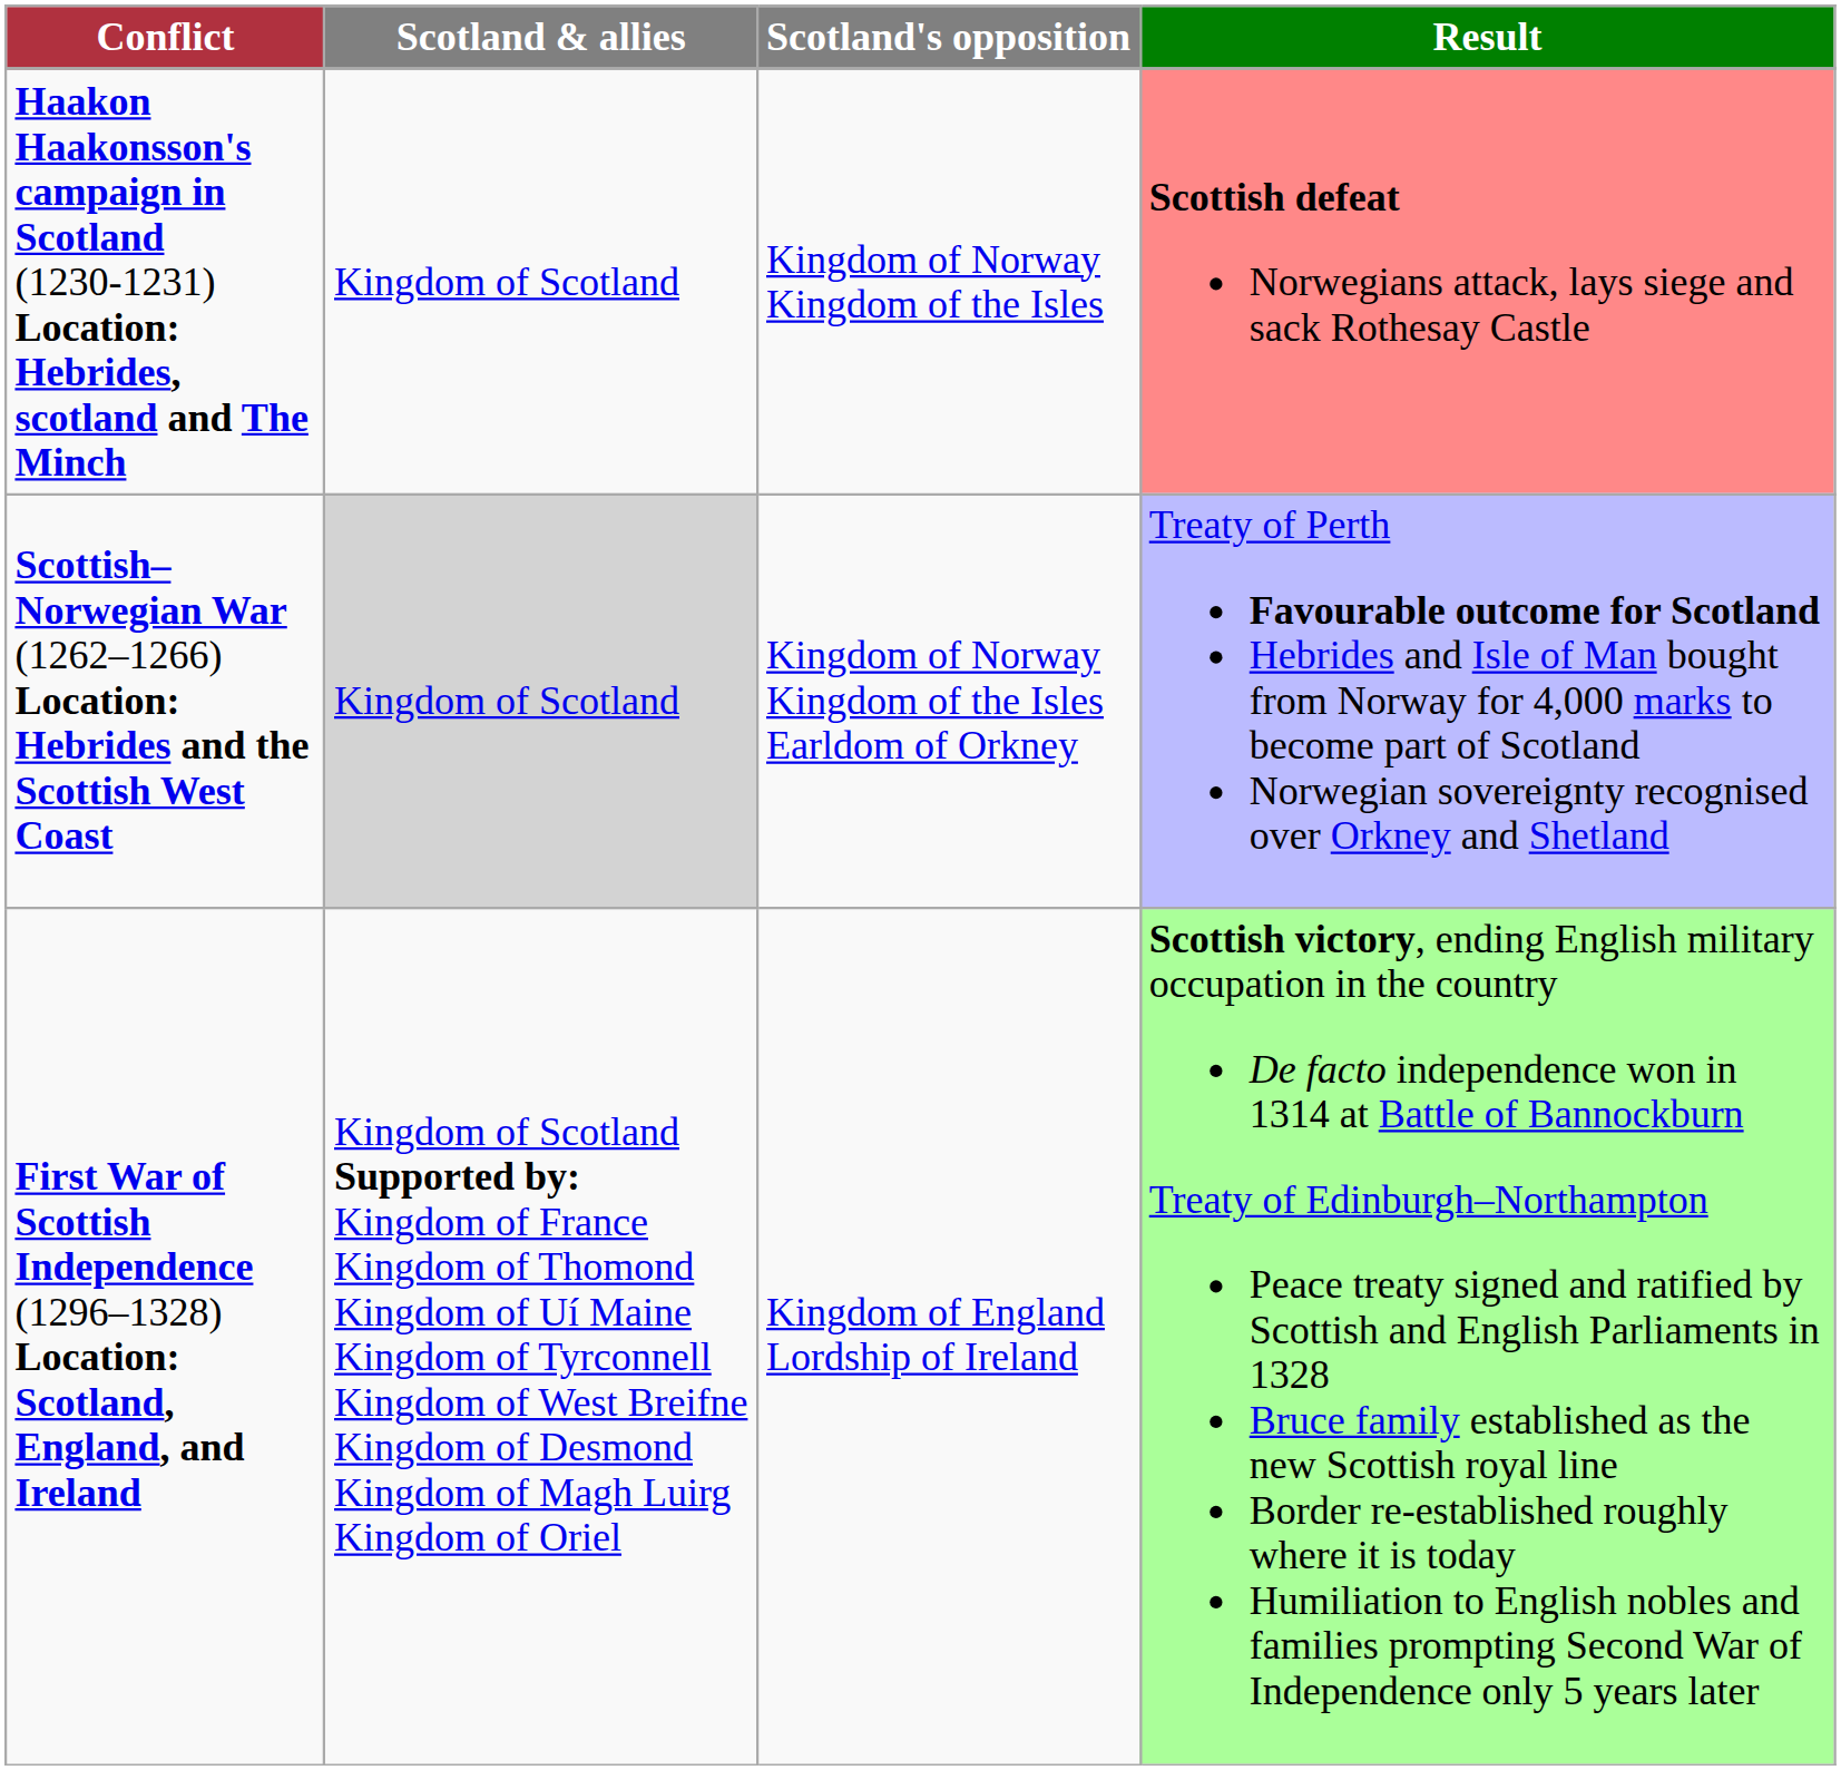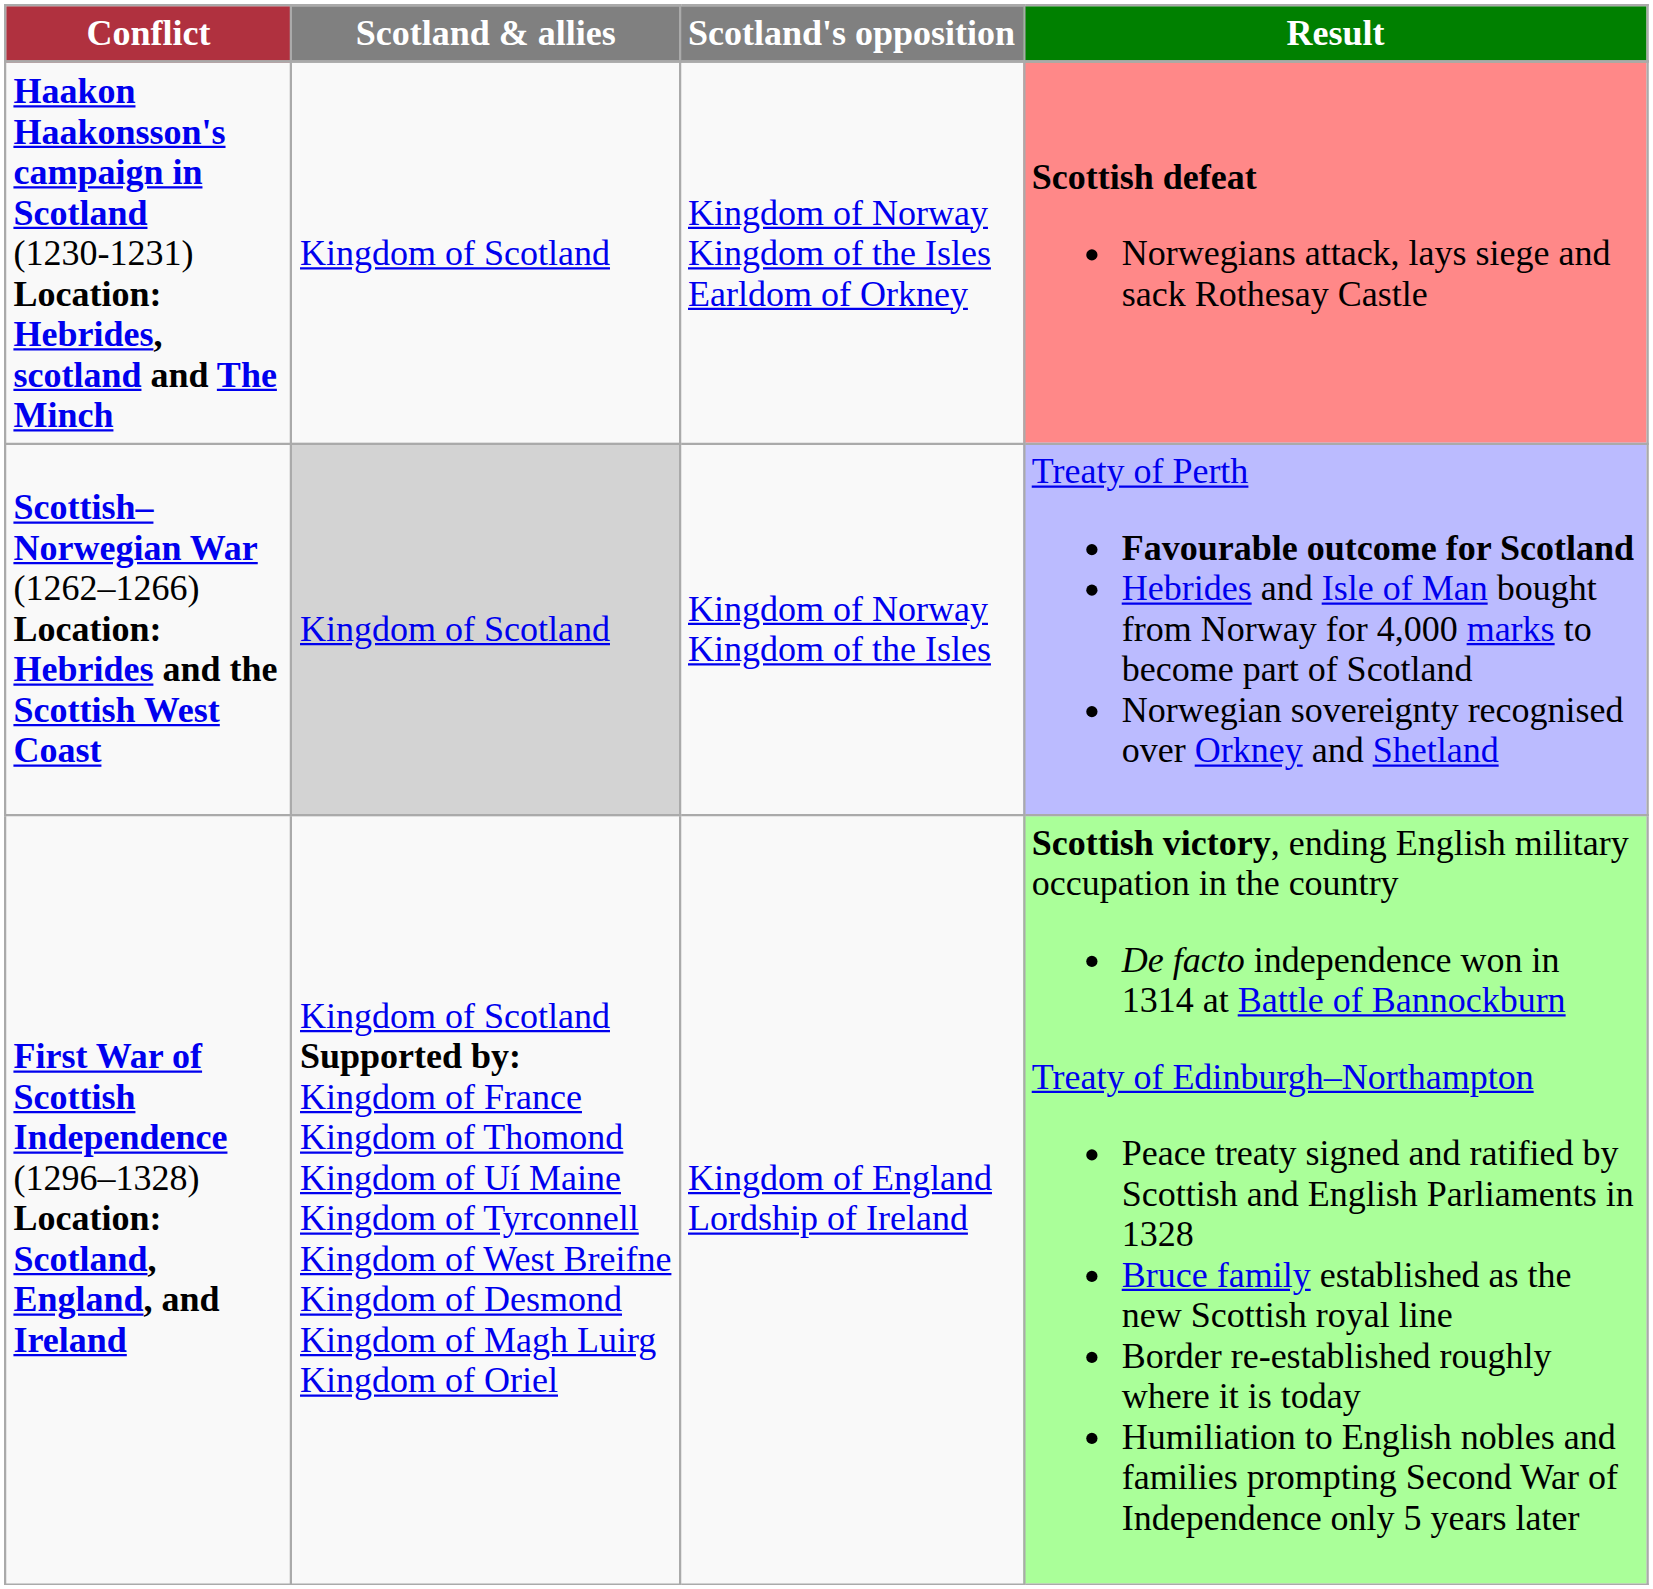 <table class="wikitable">
 <tr>
 <th style="color: white; background:#b0313f; width:120px;">Conflict</th>
 <th style="color: white; background:gray;">Scotland & allies</th>
 <th style="color: white; background:gray;">Scotland's opposition</th>
 <th style="color: white; background:green; width:270px;">Result</th>
 </tr>
 <tr>
 </tr>
 <tr>
 <td><strong><a href='#'>Haakon Haakonsson's campaign in Scotland</a></strong><br>(1230-1231)<br><strong>Location: <a href='#'>Hebrides</a>, <a href='#'>scotland</a> and <a href='#'>The Minch</a></strong></td>
 <td> <a href='#'>Kingdom of Scotland</a></td>
-<td> <a href='#'>Kingdom of Norway</a><br><a href='#'>Kingdom of the Isles</a></td>
+<td> <a href='#'>Kingdom of Norway</a><br><a href='#'>Kingdom of the Isles</a><br> <a href='#'>Earldom of Orkney</a></td>
 <td style="Background:#F88"><strong>Scottish defeat</strong><br><ul><li>Norwegians attack, lays siege and sack Rothesay Castle</li></ul></td>
 </tr>
 <tr>
 <td><strong><a href='#'>Scottish–Norwegian War</a></strong><br>(1262–1266)<br><strong>Location: <a href='#'>Hebrides</a> and the <a href='#'>Scottish West Coast</a></strong> </td>
 <td style="background: lightgrey;"> <a href='#'>Kingdom of Scotland</a></td>
-<td> <a href='#'>Kingdom of Norway</a><br><a href='#'>Kingdom of the Isles</a><br> <a href='#'>Earldom of Orkney</a></td>
+<td> <a href='#'>Kingdom of Norway</a><br><a href='#'>Kingdom of the Isles</a></td>
 <td style="Background:#BBF"><a href='#'>Treaty of Perth</a><br><ul><li><strong>Favourable outcome for Scotland</strong></li><li><a href='#'>Hebrides</a> and <a href='#'>Isle of Man</a> bought from Norway for 4,000 <a href='#'>marks</a> to become part of Scotland</li><li>Norwegian sovereignty recognised over <a href='#'>Orkney</a> and <a href='#'>Shetland</a></li></ul></td>
 </tr>
 <tr>
 <td><strong><a href='#'>First War of Scottish Independence</a></strong><br>(1296–1328)<br><strong>Location: <a href='#'>Scotland</a>, <a href='#'>England</a>, and <a href='#'>Ireland</a></strong></td>
 <td> <a href='#'>Kingdom of Scotland</a><br><strong>Supported by:</strong><br> <a href='#'>Kingdom of France</a><br> <a href='#'>Kingdom of Thomond</a><br> <a href='#'>Kingdom of Uí Maine</a><br> <a href='#'>Kingdom of Tyrconnell</a><br> <a href='#'>Kingdom of West Breifne</a><br> <a href='#'>Kingdom of Desmond</a><br><a href='#'>Kingdom of Magh Luirg</a><br><a href='#'>Kingdom of Oriel</a></td>
 <td> <a href='#'>Kingdom of England</a><br> <a href='#'>Lordship of Ireland</a></td>
 <td style="Background:#AF9"><strong>Scottish victory</strong>, ending English military occupation in the country<br><ul><li><em>De facto</em> independence won in 1314 at <a href='#'>Battle of Bannockburn</a></li></ul><a href='#'>Treaty of Edinburgh–Northampton</a><ul><li>Peace treaty signed and ratified by Scottish and English Parliaments in 1328</li><li><a href='#'>Bruce family</a> established as the new Scottish royal line</li><li>Border re-established roughly where it is today</li><li>Humiliation to English nobles and families prompting Second War of Independence only 5 years later</li></ul></td>
 </tr>
 </table>
